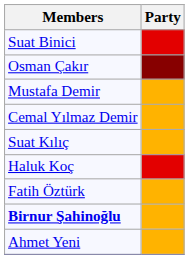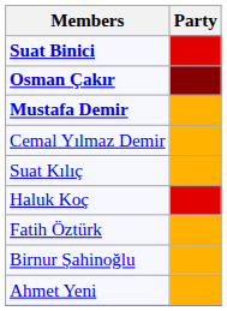 <table class=wikitable style="border:1px solid #8888aa; background-color:#f7f8ff; padding:0px; font-size:90%">
 <tr>
 <th>Members</th>
 <th colspan="2">Party</th>
 </tr>
 <tr>
-<td><a href='#'>Suat Binici</a></td>
+<td><strong><a href='#'>Suat Binici</a></strong></td>
 <td style="background: #e30000"></td>
 </tr>
 <tr>
-<td><a href='#'>Osman Çakır</a></td>
+<td><strong><a href='#'>Osman Çakır</a></strong></td>
 <td style="background: #870000"></td>
 </tr>
 <tr>
-<td><a href='#'>Mustafa Demir</a></td>
+<td><strong><a href='#'>Mustafa Demir</a></strong></td>
 <td style="background: #ffb300"></td>
 </tr>
 <tr>
 <td><a href='#'>Cemal Yılmaz Demir</a></td>
 <td style="background: #ffb300"></td>
 </tr>
 <tr>
 <td><a href='#'>Suat Kılıç</a></td>
 <td style="background: #ffb300"></td>
 </tr>
 <tr>
 <td><a href='#'>Haluk Koç</a></td>
 <td style="background: #e30000"></td>
 </tr>
 <tr>
 <td><a href='#'>Fatih Öztürk</a></td>
 <td style="background: #ffb300"></td>
 </tr>
 <tr>
-<td><strong><a href='#'>Birnur Şahinoğlu</a></strong></td>
+<td><a href='#'>Birnur Şahinoğlu</a></td>
 <td style="background: #ffb300"></td>
 </tr>
 <tr>
 <td><a href='#'>Ahmet Yeni</a></td>
 <td style="background: #ffb300"></td>
 </tr>
 <tr>
 </tr>
 </table>
